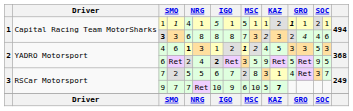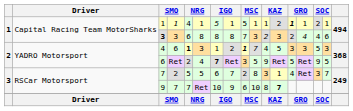 <table class="wikitable" style="font-size: 85%; text-align: center">
 <tr valign="top">
 <th valign="middle"></th>
 <th valign="middle">Driver</th>
 <th colspan=2><a href='#'>SMO</a></th>
 <th colspan=2><a href='#'>NRG</a></th>
 <th colspan=2><a href='#'>IGO</a></th>
 <th colspan=2><a href='#'>MSC</a></th>
 <th colspan=2><a href='#'>KAZ</a></th>
 <th colspan=2><a href='#'>GRO</a></th>
 <th colspan=2><a href='#'>SOC</a></th>
 <th valign="middle"></th>
 </tr>
 <tr>
 <th rowspan="2">1</th>
 <td rowspan="2" align=left>Capital Racing Team MotorSharks</td>
 <td style="background:#ffffbf;">1</td>
 <td style="background:#ffffbf;"><em>1</em></td>
 <td style="background:#dfffdf;">4</td>
 <td style="background:#ffffbf;">1</td>
 <td style="background:#dfffdf;"><em>5</em></td>
 <td style="background:#ffffbf;">1</td>
 <td style="background:#dfffdf;">5</td>
 <td style="background:#ffffbf;">1</td>
 <td style="background:#ffffbf;">1</td>
 <td style="background:#dfdfdf;">2</td>
 <td style="background:#ffffbf;"><strong><em>1</em></strong></td>
 <td style="background:#ffffbf;">1</td>
 <td style="background:#dfdfdf;">2</td>
 <td style="background:#ffffbf;">1</td>
 <th rowspan="2">494</th>
 </tr>
 <tr>
 <td style="background:#dfdfdf;"><strong>3</strong></td>
 <td style="background:#ffdf9f;">3</td>
 <td style="background:#dfffdf;">6</td>
 <td style="background:#dfffdf;">8</td>
 <td style="background:#dfffdf;">8</td>
 <td style="background:#dfffdf;">8</td>
 <td style="background:#dfffdf;">7</td>
 <td style="background:#ffdf9f;">3</td>
 <td style="background:#dfdfdf;"><em>2</em></td>
 <td style="background:#ffdf9f;">3</td>
 <td style="background:#dfdfdf;">2</td>
 <td style="background:#dfffdf;"><em>4</em></td>
 <td style="background:#dfffdf;">4</td>
 <td style="background:#dfffdf;">6</td>
 </tr>
 <tr>
 <th rowspan="2">2</th>
 <td rowspan="2" align=left>YADRO Motorsport</td>
 <td style="background:#dfffdf;">4</td>
 <td style="background:#dfffdf;">6</td>
 <td style="background:#ffffbf;"><strong>1</strong></td>
 <td style="background:#ffdf9f;">3</td>
 <td style="background:#ffffbf;">1</td>
 <td style="background:#dfdfdf;">2</td>
 <td style="background:#ffffbf;"><strong><em>1</em></strong></td>
-<td style="background:#dfdfdf;"><em>2</em></td>
+<td style="background:#dfdfdf;"><em>7</em></td>
 <td style="background:#dfffdf;">4</td>
 <td style="background:#dfffdf;">5</td>
 <td style="background:#ffdf9f;">3</td>
 <td style="background:#ffdf9f;">3</td>
 <td style="background:#dfffdf;">5</td>
 <td style="background:#ffdf9f;">3</td>
 <th rowspan="2">368</th>
 </tr>
 <tr>
 <td style="background:#dfffdf;">6</td>
 <td style="background:#efcfff;">Ret</td>
 <td style="background:#dfdfdf;">2</td>
 <td style="background:#dfffdf;">4</td>
-<td style="background:#dfdfdf;"><strong>2</strong></td>
+<td style="background:#dfdfdf;"><strong>7</strong></td>
 <td style="background:#efcfff;">Ret</td>
 <td style="background:#ffdf9f;">3</td>
 <td style="background:#dfffdf;">5</td>
 <td style="background:#dfffdf;">9</td>
 <td style="background:#efcfff;">Ret</td>
 <td style="background:#dfffdf;">5</td>
 <td style="background:#efcfff;">Ret</td>
 <td style="background:#dfffdf;">9</td>
 <td style="background:#dfffdf;">5</td>
 </tr>
 <tr>
 <th rowspan="2">3</th>
 <td rowspan="2" align=left>RSCar Motorsport</td>
 <td style="background:#dfffdf;">7</td>
 <td style="background:#dfdfdf;">2</td>
 <td style="background:#dfffdf;">5</td>
 <td style="background:#dfffdf;">5</td>
 <td style="background:#dfffdf;">6</td>
 <td style="background:#dfffdf;">7</td>
 <td style="background:#dfdfdf;">2</td>
 <td style="background:#dfffdf;">8</td>
 <td style="background:#ffdf9f;">3</td>
 <td style="background:#ffffbf;">1</td>
 <td style="background:#dfffdf;">4</td>
 <td style="background:#efcfff;">Ret</td>
 <td style="background:#ffdf9f;">3</td>
 <td style="background:#dfffdf;">7</td>
 <th rowspan="2">249</th>
 </tr>
 <tr>
 <td style="background:#dfffdf;">9</td>
 <td style="background:#dfffdf;">7</td>
 <td style="background:#dfffdf;">7</td>
 <td style="background:#efcfff;">Ret</td>
 <td style="background:#dfffdf;">10</td>
 <td style="background:#dfffdf;">9</td>
 <td style="background:#dfffdf;">6</td>
 <td style="background:#dfffdf;">10</td>
-<td style="background:#dfffdf;">5</td>
+<td style="background:#dfffdf;">8</td>
 <td style="background:#dfffdf;"><strong>7</strong></td>
 <td></td>
 <td></td>
 <td></td>
 <td></td>
 </tr>
 <tr>
 </tr>
 <tr valign="top">
 <th valign="middle"></th>
 <th valign="middle">Driver</th>
 <th colspan=2><a href='#'>SMO</a></th>
 <th colspan=2><a href='#'>NRG</a></th>
 <th colspan=2><a href='#'>IGO</a></th>
 <th colspan=2><a href='#'>MSC</a></th>
 <th colspan=2><a href='#'>KAZ</a></th>
 <th colspan=2><a href='#'>GRO</a></th>
 <th colspan=2><a href='#'>SOC</a></th>
 <th valign="middle"></th>
 </tr>
 </table>
